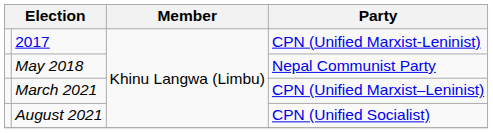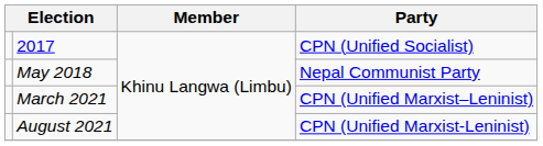 <table class="wikitable">
 <tr>
 <th colspan="2">Election</th>
 <th>Member</th>
 <th>Party</th>
 </tr>
 <tr>
 <td style="background-color:"></td>
 <td><a href='#'>2017</a></td>
 <td rowspan="4">Khinu Langwa (Limbu)</td>
-<td><a href='#'>CPN (Unified Marxist-Leninist)</a></td>
+<td><a href='#'>CPN (Unified Socialist)</a></td>
 </tr>
 <tr>
 <td style="background-color:"></td>
 <td><em>May 2018</em></td>
 <td><a href='#'>Nepal Communist Party</a></td>
 </tr>
 <tr>
 <td style="background-color:"></td>
 <td><em>March 2021</em></td>
 <td><a href='#'>CPN (Unified Marxist–Leninist)</a></td>
 </tr>
 <tr>
 <td style="background-color:"></td>
 <td><em>August 2021</em></td>
-<td><a href='#'>CPN (Unified Socialist)</a></td>
+<td><a href='#'>CPN (Unified Marxist-Leninist)</a></td>
 </tr>
 <tr>
 </tr>
 </table>
